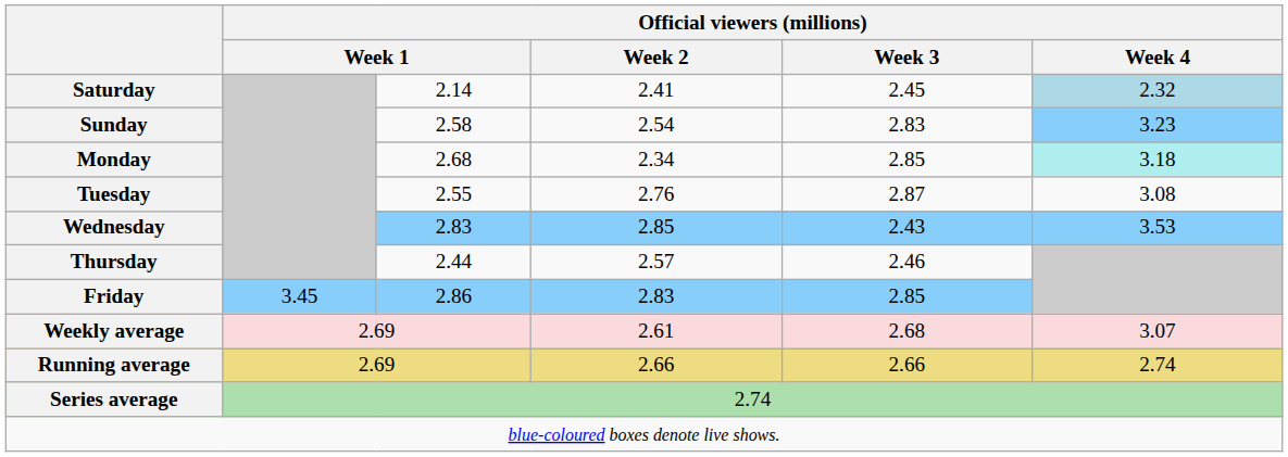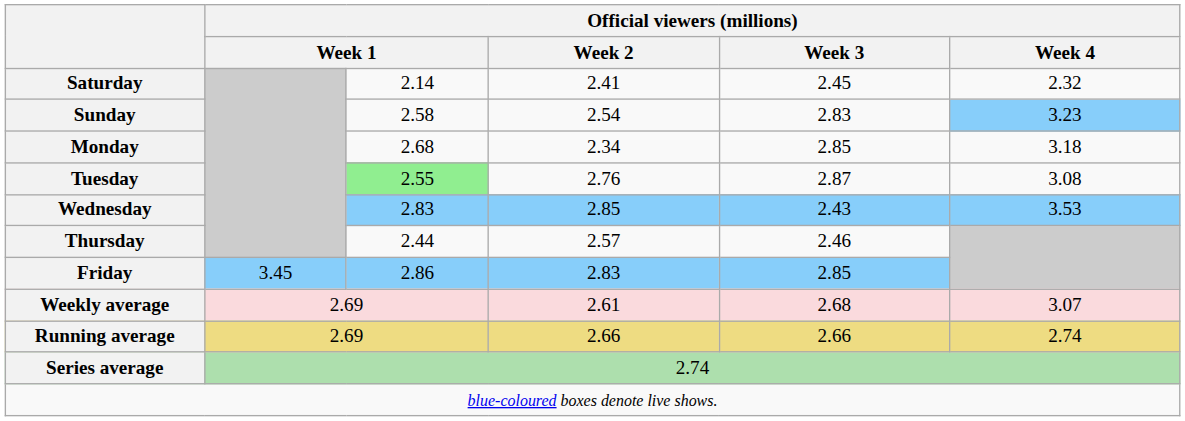 <table class="wikitable" style="font-size:90%; text-align:center; width: 70%; margin-left: auto; margin-right: auto;">
 <tr>
 <th scope="col" rowspan="2" style="width:17%;"></th>
 <th scope=col colspan=5>Official viewers (millions)</th>
 </tr>
 <tr>
 <th colspan=2>Week 1</th>
 <th>Week 2</th>
 <th>Week 3</th>
 <th>Week 4</th>
 </tr>
 <tr>
 <th>Saturday</th>
 <td style="background:#ccc;" rowspan="6"></td>
 <td>2.14</td>
 <td>2.41</td>
 <td>2.45</td>
-<td style="background: lightblue;">2.32</td>
+<td>2.32</td>
 </tr>
 <tr>
 <th>Sunday</th>
 <td>2.58</td>
 <td>2.54</td>
 <td>2.83</td>
 <td style="background:#87CEFA;">3.23</td>
 </tr>
 <tr>
 <th>Monday</th>
 <td>2.68</td>
 <td>2.34</td>
 <td>2.85</td>
-<td style="background: paleturquoise;">3.18</td>
+<td>3.18</td>
 </tr>
 <tr>
 <th>Tuesday</th>
-<td>2.55</td>
+<td style="background: lightgreen;">2.55</td>
 <td>2.76</td>
 <td>2.87</td>
 <td>3.08</td>
 </tr>
 <tr>
 <th>Wednesday</th>
 <td style="background:#87CEFA;">2.83</td>
 <td style="background:#87CEFA;">2.85</td>
 <td style="background:#87CEFA;">2.43</td>
 <td style="background:#87CEFA;">3.53</td>
 </tr>
 <tr>
 <th>Thursday</th>
 <td>2.44</td>
 <td>2.57</td>
 <td>2.46</td>
 <td style="background:#ccc;" rowspan="2"></td>
 </tr>
 <tr>
 <th>Friday</th>
 <td style="background:#87CEFA;">3.45</td>
 <td style="background:#87CEFA;">2.86</td>
 <td style="background:#87CEFA;">2.83</td>
 <td style="background:#87CEFA;">2.85</td>
 </tr>
 <tr style="background:#FADADD;" |>
 <th>Weekly average</th>
 <td colspan=2>2.69</td>
 <td>2.61</td>
 <td>2.68</td>
 <td>3.07</td>
 </tr>
 <tr style="background:#EEDC82;" |>
 <th>Running average</th>
 <td colspan=2>2.69</td>
 <td>2.66</td>
 <td>2.66</td>
 <td>2.74</td>
 </tr>
 <tr style="background:#ADDFAD;" |>
 <th>Series average</th>
 <td colspan="5">2.74</td>
 </tr>
 <tr>
 <td colspan=6><small><em><a href='#'>blue-coloured</a> boxes denote live shows.</em></small></td>
 </tr>
 </table>
